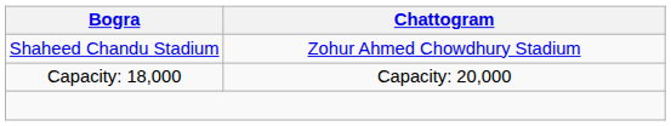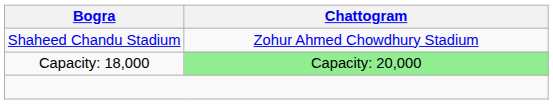 <table class="wikitable" style="text-align:center; display:inline-block; border: 0">
 <tr>
 <th style="width:33%;"><a href='#'>Bogra</a></th>
 <th style="width:33%:"><a href='#'>Chattogram</a></th>
 </tr>
 <tr>
 <td><a href='#'>Shaheed Chandu Stadium</a></td>
 <td><a href='#'>Zohur Ahmed Chowdhury Stadium</a></td>
 </tr>
 <tr>
 <td>Capacity: 18,000</td>
-<td>Capacity: 20,000</td>
+<td style="background: lightgreen;">Capacity: 20,000</td>
 </tr>
 <tr>
 <td colspan=3><br></td>
 </tr>
 </table>
